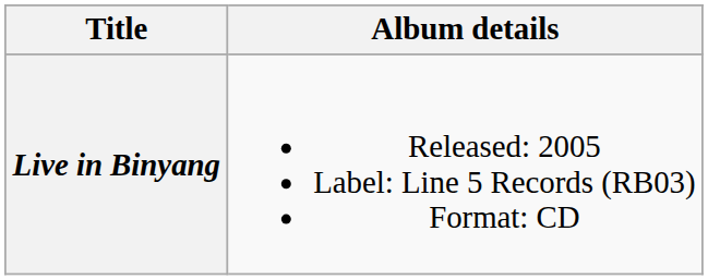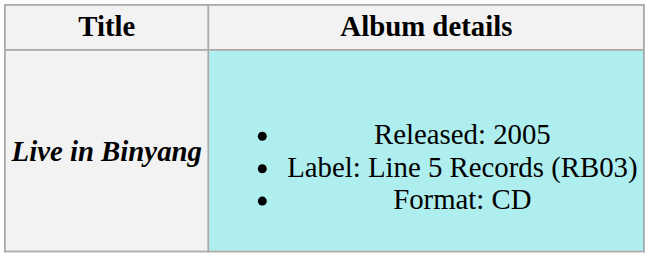 <table class="wikitable plainrowheaders" style="text-align:center;">
 <tr>
 <th scope="col">Title</th>
 <th scope="col">Album details</th>
 </tr>
 <tr>
 <th scope="row"><em>Live in Binyang</em></th>
-<td><br><ul><li>Released: 2005</li><li>Label: Line 5 Records (RB03)</li><li>Format: CD</li></ul></td>
+<td style="background: paleturquoise;"><br><ul><li>Released: 2005</li><li>Label: Line 5 Records (RB03)</li><li>Format: CD</li></ul></td>
 </tr>
 </table>
